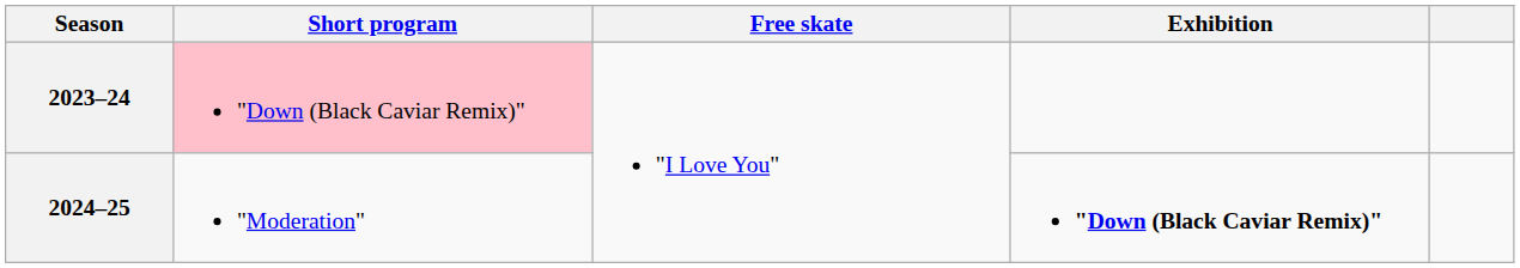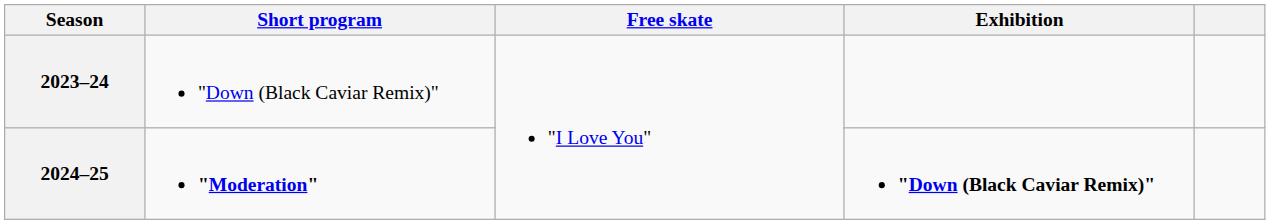 <table class="wikitable unsortable" style="text-align:left">
 <tr>
 <th scope="col" style="text-align:center; width:10%">Season</th>
 <th scope="col" style="text-align:center; width:25%"><a href='#'>Short program</a></th>
 <th scope="col" style="text-align:center; width:25%"><a href='#'>Free skate</a></th>
 <th scope="col" style="text-align:center; width:25%">Exhibition</th>
 <th scope="col" style="text-align:center; width:5%"></th>
 </tr>
 <tr>
 <th scope="row">2023–24</th>
-<td style="background: pink;"><br><ul><li>"<a href='#'>Down</a> (Black Caviar Remix)"</li></ul></td>
+<td><br><ul><li>"<a href='#'>Down</a> (Black Caviar Remix)"</li></ul></td>
 <td rowspan=2><br><ul><li>"<a href='#'>I Love You</a>"</li></ul></td>
 <td></td>
 <td></td>
 </tr>
 <tr>
 <th scope="row">2024–25</th>
-<td><br><ul><li>"<a href='#'>Moderation</a>"</li></ul></td>
+<td><strong><br><ul><li>"<a href='#'>Moderation</a>"</li></ul></strong></td>
 <td><strong><br><ul><li>"<a href='#'>Down</a> (Black Caviar Remix)"</li></ul></strong></td>
 <td></td>
 </tr>
 </table>
